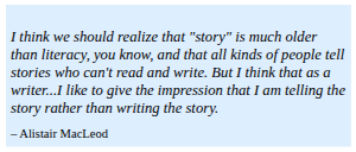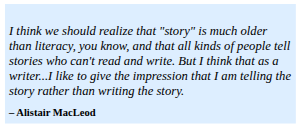 <table class="toccolours" style="float: left; margin-left: 1em; margin-right: 1em; font-size: 110%; background:#ddeeff; color:black; width:23em; max-width: 25%;" cellspacing="5">
 <tr>
 <td style="text-align: left;"><br><em>I think we should realize that "story" is much older than literacy, you know, and that all kinds of people tell stories who can't read and write. But I think that as a writer...I like to give the impression that I am telling the story rather than writing the story.</em></td>
 </tr>
 <tr>
-<td style="text-align: left;"><small> – Alistair MacLeod </small></td>
+<td style="text-align: left;"><strong><small> – Alistair MacLeod </small></strong></td>
 </tr>
 </table>
